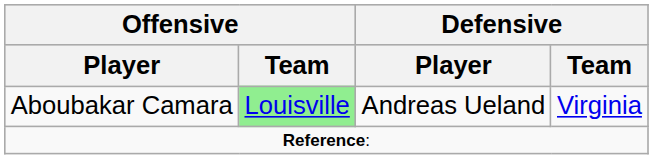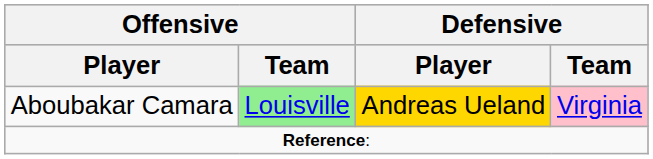 <table class="wikitable" style="text-align: center;">
 <tr>
 <th colspan="2">Offensive</th>
 <th colspan="2">Defensive</th>
 </tr>
 <tr>
 <th>Player</th>
 <th>Team</th>
 <th>Player</th>
 <th>Team</th>
 </tr>
 <tr>
 <td>Aboubakar Camara</td>
 <td style="background: lightgreen;"><a href='#'>Louisville</a></td>
-<td>Andreas Ueland</td>
-<td><a href='#'>Virginia</a></td>
+<td style="background: gold;">Andreas Ueland</td>
+<td style="background: pink;"><a href='#'>Virginia</a></td>
 </tr>
 <tr>
 <td colspan="4"  style="font-size:8pt; text-align:center;"><strong>Reference</strong>:</td>
 </tr>
 </table>
